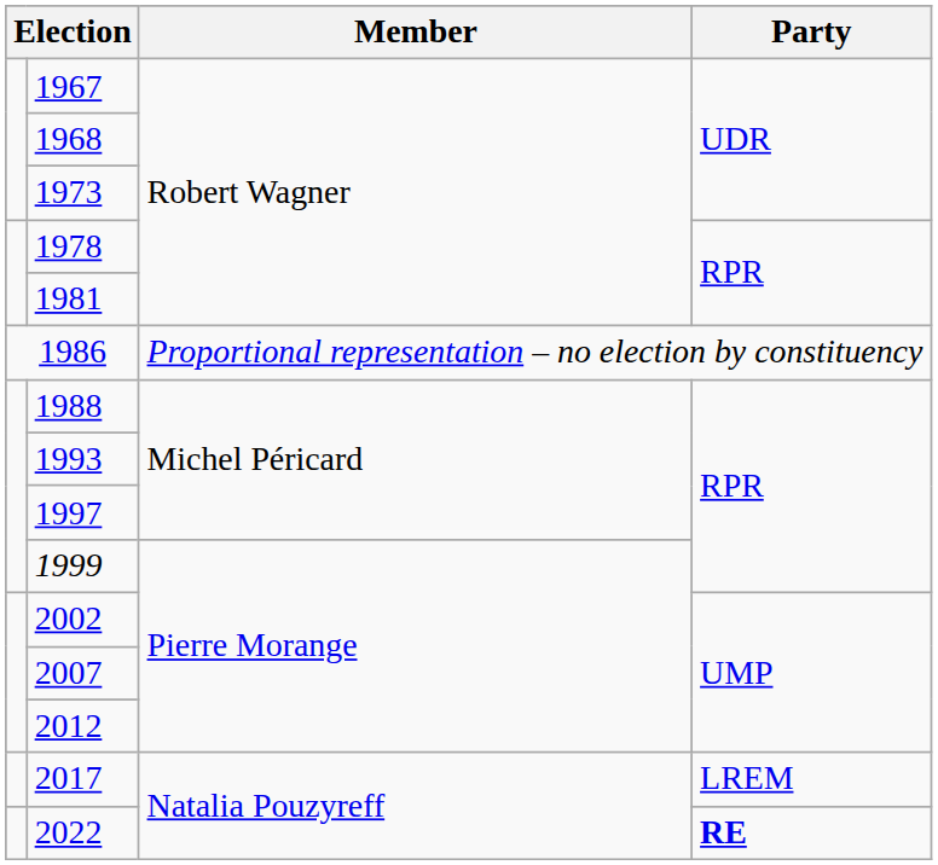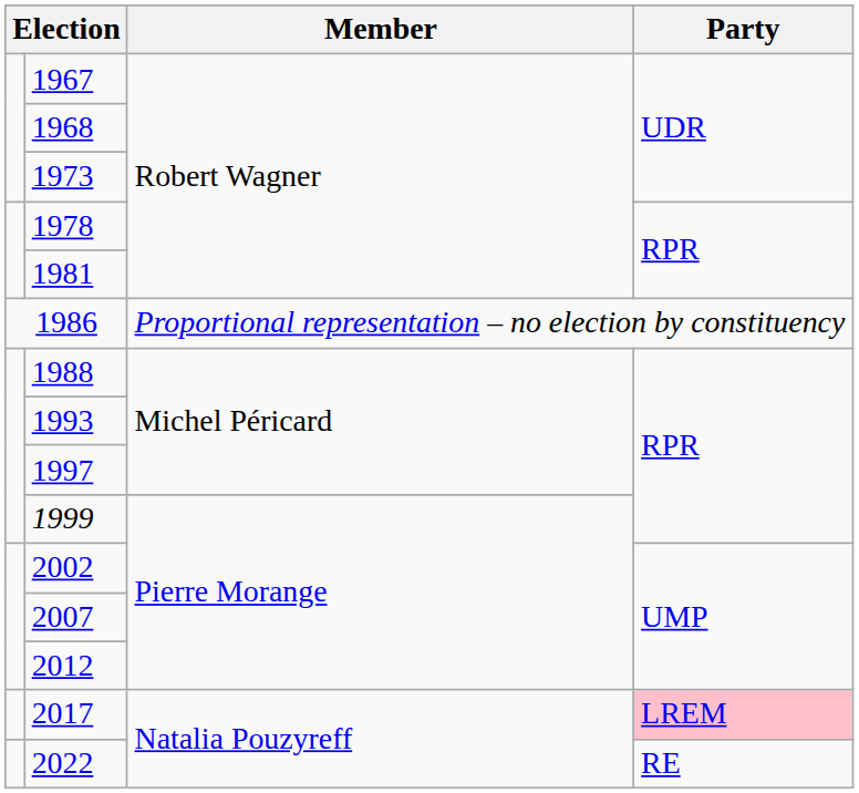 <table class="wikitable">
 <tr>
 <th colspan=2>Election</th>
 <th>Member</th>
 <th>Party</th>
 </tr>
 <tr>
 <td rowspan="3" style="color:inherit;background-color: "></td>
 <td><a href='#'>1967</a></td>
 <td rowspan="5">Robert Wagner</td>
 <td rowspan="3"><a href='#'>UDR</a></td>
 </tr>
 <tr>
 <td><a href='#'>1968</a></td>
 </tr>
 <tr>
 <td><a href='#'>1973</a></td>
 </tr>
 <tr>
 <td rowspan="2" style="color:inherit;background-color: "></td>
 <td><a href='#'>1978</a></td>
 <td rowspan="2"><a href='#'>RPR</a></td>
 </tr>
 <tr>
 <td><a href='#'>1981</a></td>
 </tr>
 <tr>
 <td colspan=2 align="center"><a href='#'>1986</a></td>
 <td colspan=2><em><a href='#'>Proportional representation</a> – no election by constituency</em></td>
 </tr>
 <tr>
 <td rowspan="4" style="color:inherit;background-color: "></td>
 <td><a href='#'>1988</a></td>
 <td rowspan="3">Michel Péricard</td>
 <td rowspan="4"><a href='#'>RPR</a></td>
 </tr>
 <tr>
 <td><a href='#'>1993</a></td>
 </tr>
 <tr>
 <td><a href='#'>1997</a></td>
 </tr>
 <tr>
 <td><em>1999</em></td>
 <td rowspan="4"><a href='#'>Pierre Morange</a></td>
 </tr>
 <tr>
 <td rowspan="3" style="color:inherit;background-color: "></td>
 <td><a href='#'>2002</a></td>
 <td rowspan="3"><a href='#'>UMP</a></td>
 </tr>
 <tr>
 <td><a href='#'>2007</a></td>
 </tr>
 <tr>
 <td><a href='#'>2012</a></td>
 </tr>
 <tr>
 <td style="color:inherit;background-color: "></td>
 <td><a href='#'>2017</a></td>
 <td rowspan="2"><a href='#'>Natalia Pouzyreff</a></td>
-<td><a href='#'>LREM</a></td>
+<td style="background: pink;"><a href='#'>LREM</a></td>
 </tr>
 <tr>
 <td style="color:inherit;background-color: "></td>
 <td><a href='#'>2022</a></td>
-<td><strong><a href='#'>RE</a></strong></td>
+<td><a href='#'>RE</a></td>
 </tr>
 </table>
